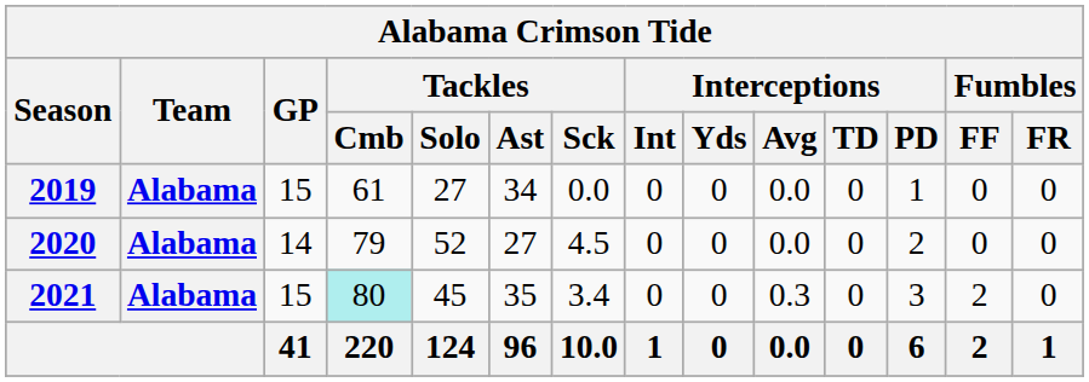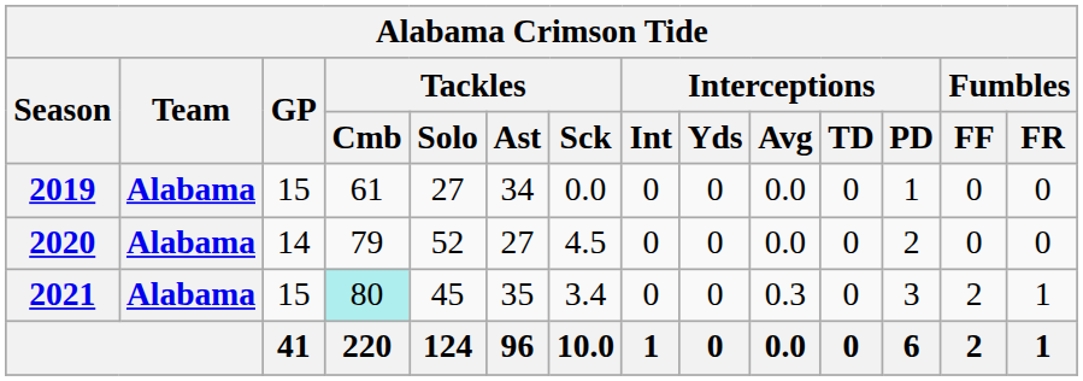 <table class="wikitable" style="text-align:center;">
 <tr>
 <th colspan="17">Alabama Crimson Tide</th>
 </tr>
 <tr>
 <th rowspan="2">Season</th>
 <th rowspan="2">Team</th>
 <th rowspan="2">GP</th>
 <th colspan="4">Tackles</th>
 <th colspan="5">Interceptions</th>
 <th colspan="2">Fumbles</th>
 </tr>
 <tr>
 <th>Cmb</th>
 <th>Solo</th>
 <th>Ast</th>
 <th>Sck</th>
 <th>Int</th>
 <th>Yds</th>
 <th>Avg</th>
 <th>TD</th>
 <th>PD</th>
 <th>FF</th>
 <th>FR</th>
 </tr>
 <tr>
 <th><a href='#'>2019</a></th>
 <th><a href='#'>Alabama</a></th>
 <td>15</td>
 <td>61</td>
 <td>27</td>
 <td>34</td>
 <td>0.0</td>
 <td>0</td>
 <td>0</td>
 <td>0.0</td>
 <td>0</td>
 <td>1</td>
 <td>0</td>
 <td>0</td>
 </tr>
 <tr>
 <th><a href='#'>2020</a></th>
 <th><a href='#'>Alabama</a></th>
 <td>14</td>
 <td>79</td>
 <td>52</td>
 <td>27</td>
 <td>4.5</td>
 <td>0</td>
 <td>0</td>
 <td>0.0</td>
 <td>0</td>
 <td>2</td>
 <td>0</td>
 <td>0</td>
 </tr>
 <tr>
 <th><a href='#'>2021</a></th>
 <th><a href='#'>Alabama</a></th>
 <td>15</td>
 <td style="background: paleturquoise;">80</td>
 <td>45</td>
 <td>35</td>
 <td>3.4</td>
 <td>0</td>
 <td>0</td>
 <td>0.3</td>
 <td>0</td>
 <td>3</td>
 <td>2</td>
-<td>0</td>
+<td>1</td>
 </tr>
 <tr>
 <th colspan="2"></th>
 <th>41</th>
 <th>220</th>
 <th>124</th>
 <th>96</th>
 <th>10.0</th>
 <th>1</th>
 <th>0</th>
 <th>0.0</th>
 <th>0</th>
 <th>6</th>
 <th>2</th>
 <th>1</th>
 </tr>
 </table>
